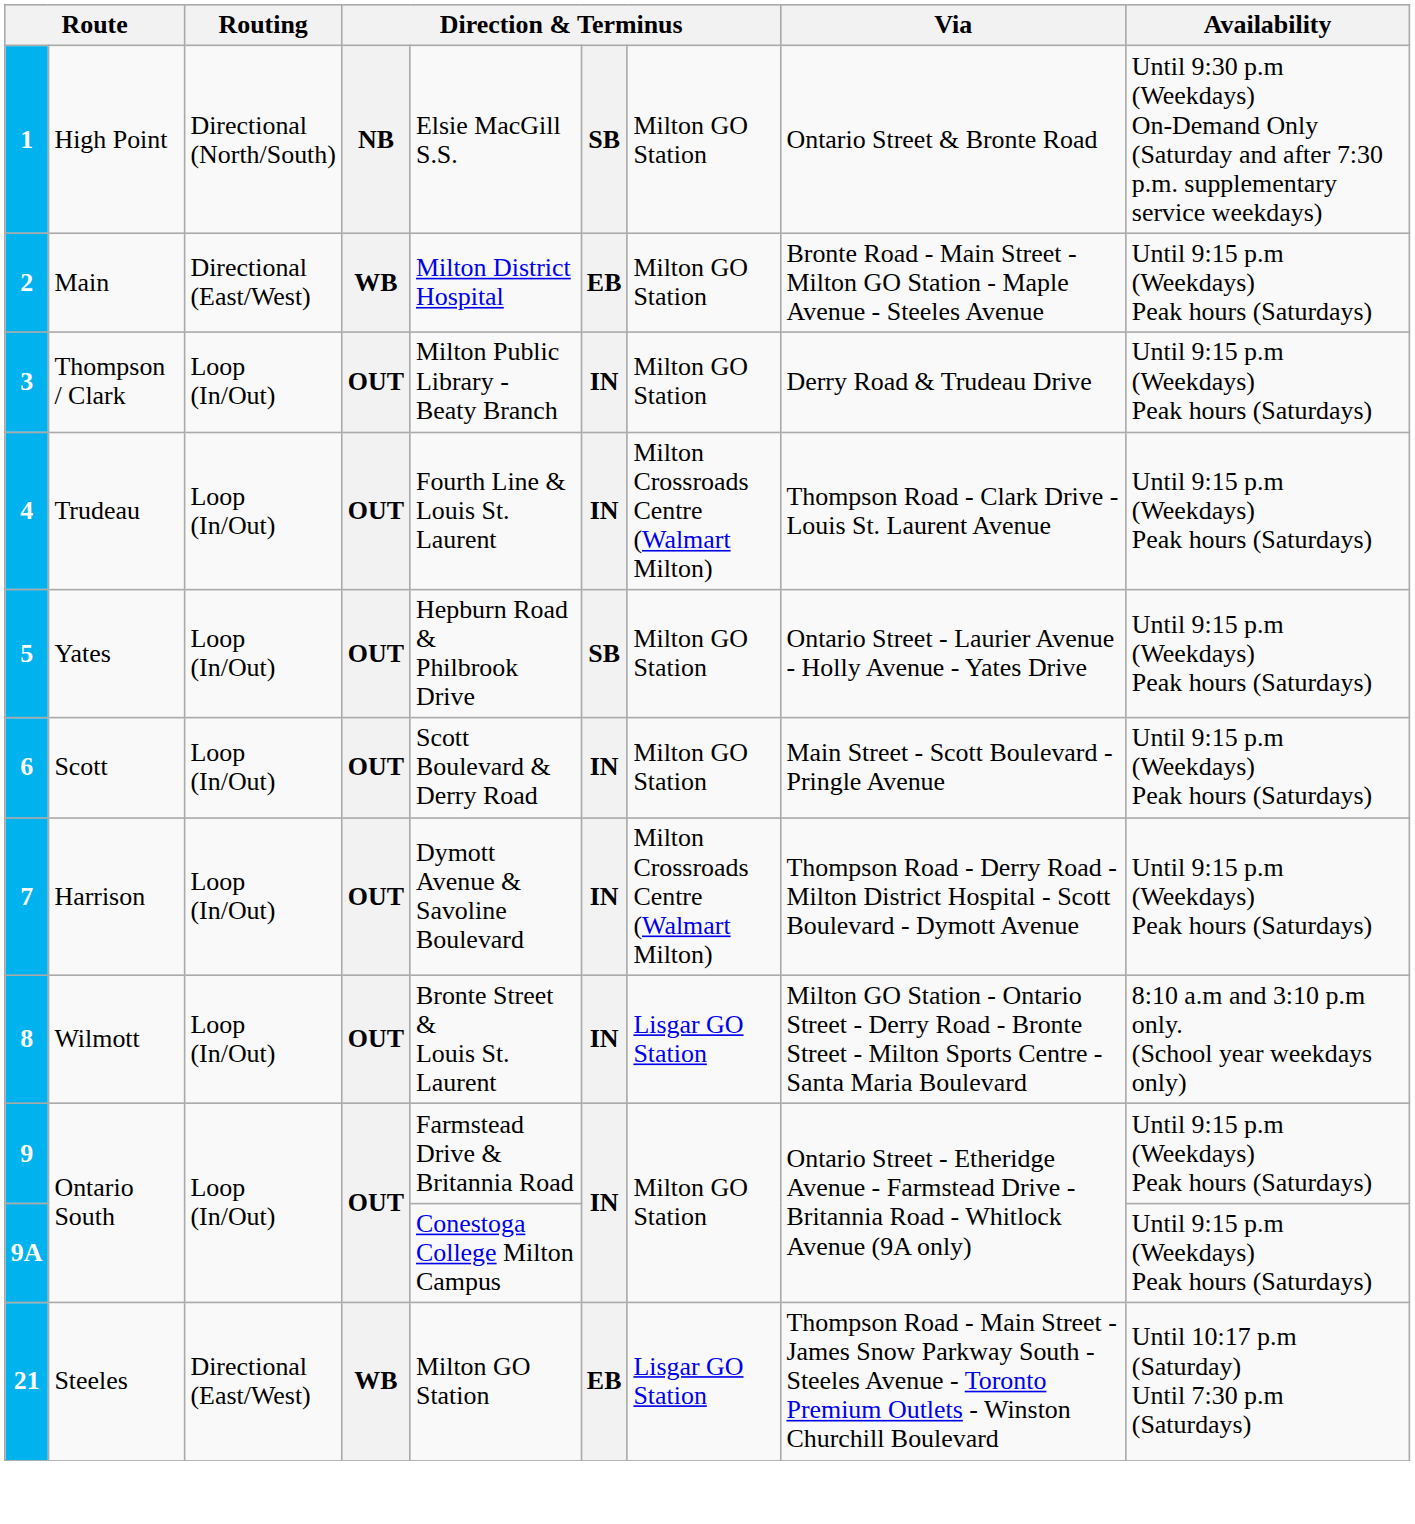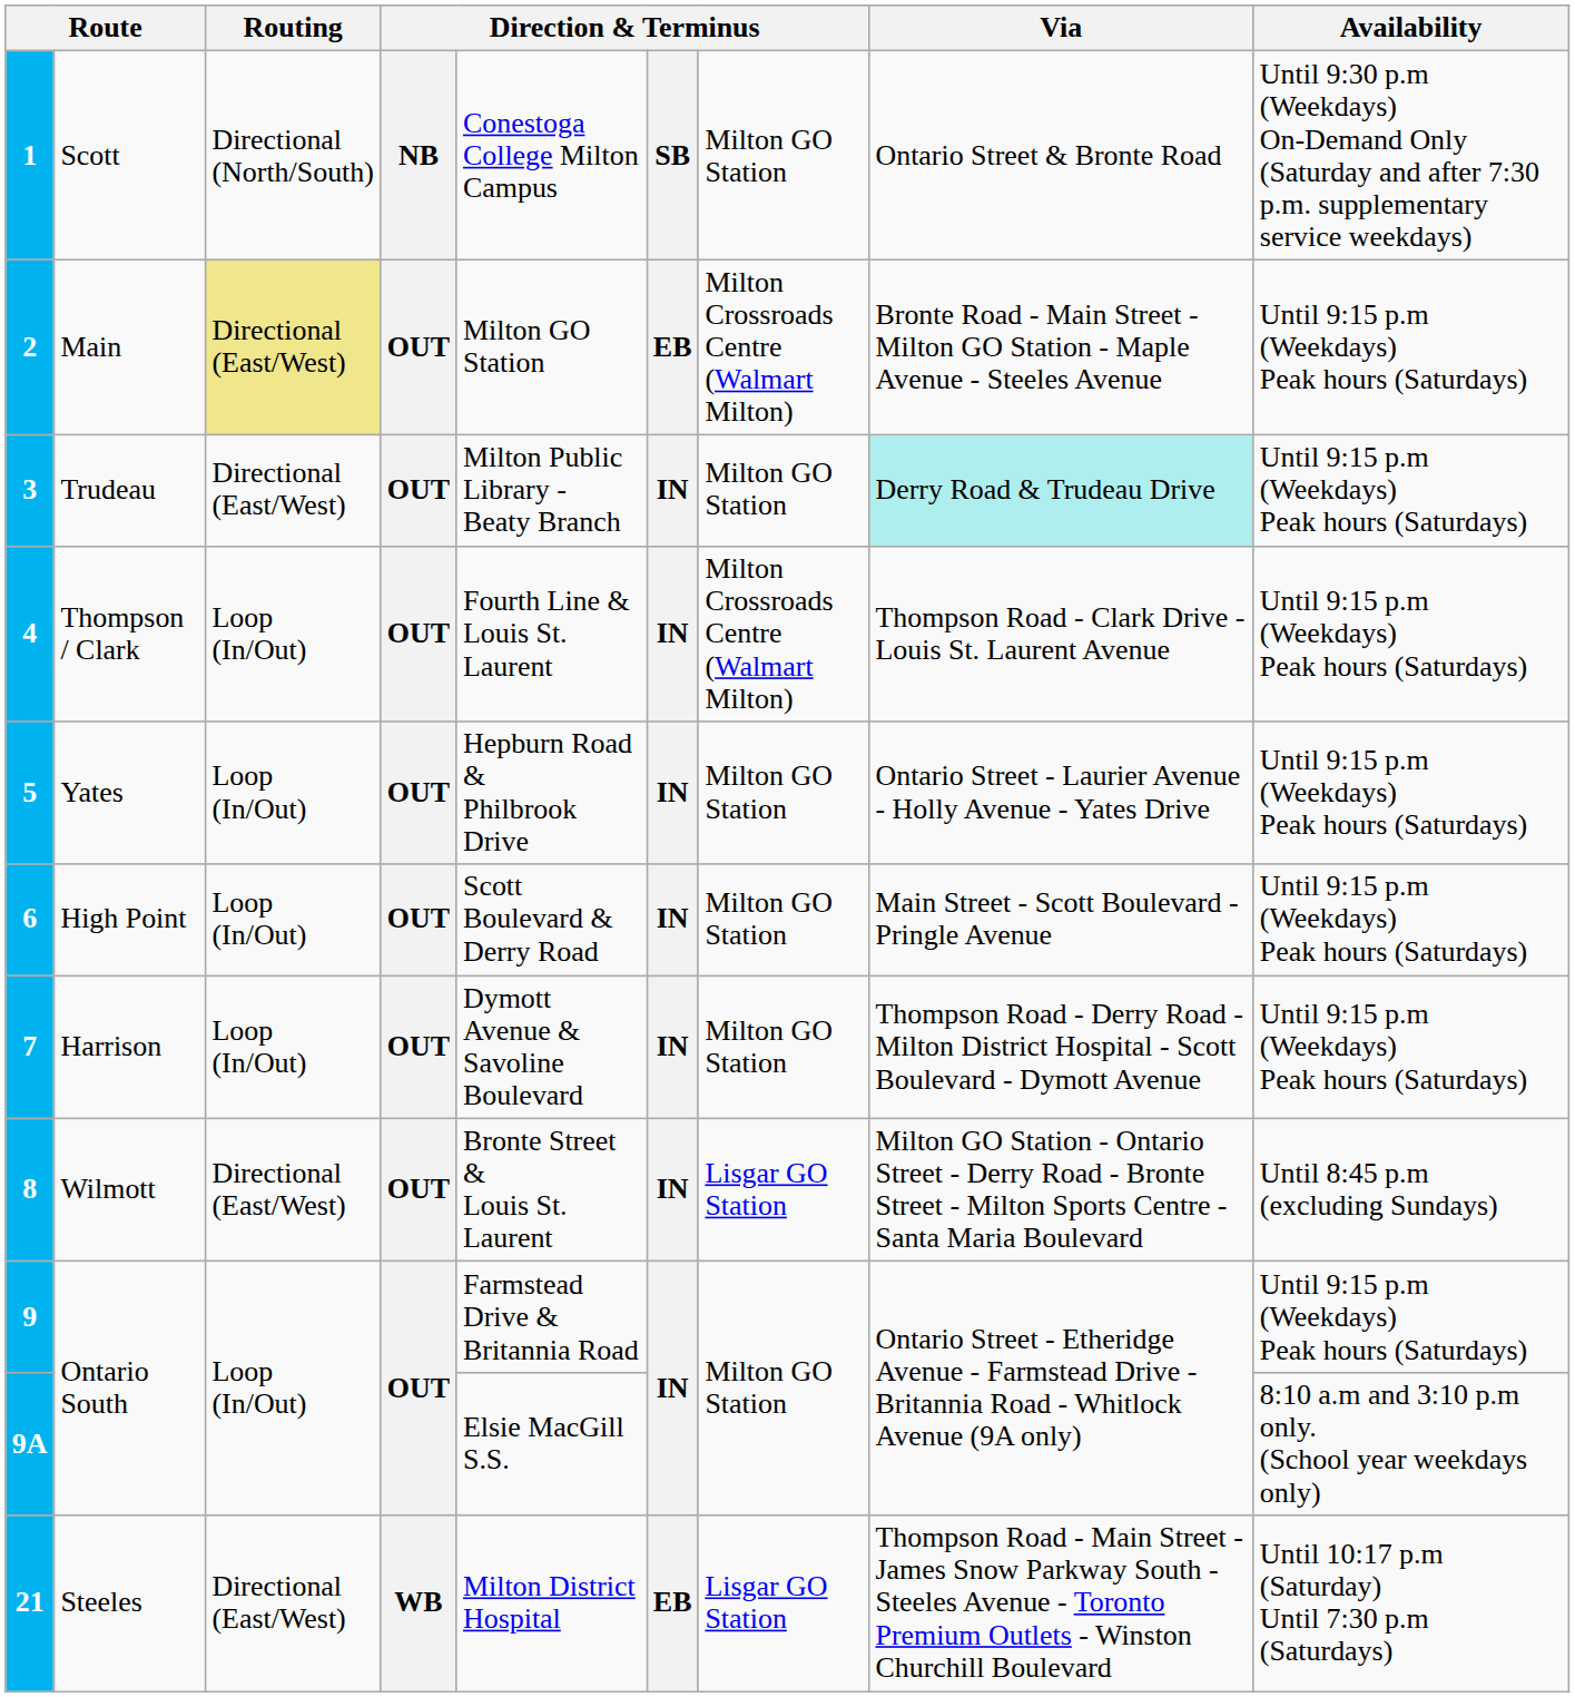 <table class="wikitable">
 <tr>
 <th colspan="2">Route</th>
 <th>Routing</th>
 <th colspan="4">Direction & Terminus</th>
 <th>Via</th>
 <th>Availability</th>
 </tr>
 <tr>
 <th style="background:#00b3ee;color:white" align="center" valign=center>1</th>
-<td>High Point</td>
+<td>Scott</td>
 <td>Directional<br>(North/South)</td>
 <th>NB</th>
-<td>Elsie MacGill S.S.</td>
+<td><a href='#'>Conestoga College</a> Milton Campus</td>
 <th>SB</th>
 <td>Milton GO Station</td>
 <td>Ontario Street & Bronte Road</td>
 <td>Until 9:30 p.m<br>(Weekdays)<br>On-Demand Only (Saturday and after 7:30 p.m. supplementary service weekdays)</td>
 </tr>
 <tr>
 <th style="background:#00b3ee;color:white" align="center" valign=center>2</th>
 <td>Main</td>
-<td>Directional<br>(East/West)</td>
-<th>WB</th>
-<td><a href='#'>Milton District Hospital</a></td>
+<td style="background: khaki;">Directional<br>(East/West)</td>
+<th>OUT</th>
+<td>Milton GO Station</td>
 <th>EB</th>
-<td>Milton GO Station</td>
+<td>Milton Crossroads Centre<br>(<a href='#'>Walmart</a> Milton)</td>
 <td>Bronte Road - Main Street - Milton GO Station - Maple Avenue - Steeles Avenue</td>
 <td>Until 9:15 p.m (Weekdays)<br>Peak hours (Saturdays)</td>
 </tr>
 <tr>
 <th style="background:#00b3ee;color:white" align="center" valign=center>3</th>
-<td>Thompson / Clark</td>
-<td>Loop<br>(In/Out)</td>
+<td>Trudeau</td>
+<td>Directional<br>(East/West)</td>
 <th>OUT</th>
 <td>Milton Public Library - Beaty Branch</td>
 <th>IN</th>
 <td>Milton GO Station</td>
-<td>Derry Road & Trudeau Drive</td>
+<td style="background: paleturquoise;">Derry Road & Trudeau Drive</td>
 <td>Until 9:15 p.m (Weekdays)<br>Peak hours (Saturdays)</td>
 </tr>
 <tr>
 <th style="background:#00b3ee;color:white" align="center" valign=center>4</th>
-<td>Trudeau</td>
+<td>Thompson / Clark</td>
 <td>Loop<br>(In/Out)</td>
 <th>OUT</th>
 <td>Fourth Line &<br>Louis St. Laurent</td>
 <th>IN</th>
 <td>Milton Crossroads Centre<br>(<a href='#'>Walmart</a> Milton)</td>
 <td>Thompson Road - Clark Drive - Louis St. Laurent Avenue</td>
 <td>Until 9:15 p.m (Weekdays)<br>Peak hours (Saturdays)</td>
 </tr>
 <tr>
 <th style="background:#00b3ee;color:white" align="center" valign=center>5</th>
 <td>Yates</td>
 <td>Loop<br>(In/Out)</td>
 <th>OUT</th>
 <td>Hepburn Road &<br>Philbrook Drive</td>
-<th>SB</th>
+<th>IN</th>
 <td>Milton GO Station</td>
 <td>Ontario Street - Laurier Avenue - Holly Avenue - Yates Drive</td>
 <td>Until 9:15 p.m (Weekdays)<br>Peak hours (Saturdays)</td>
 </tr>
 <tr>
 <th style="background:#00b3ee;color:white" align="center" valign=center>6</th>
-<td>Scott</td>
+<td>High Point</td>
 <td>Loop<br>(In/Out)</td>
 <th>OUT</th>
 <td>Scott Boulevard & Derry Road</td>
 <th>IN</th>
 <td>Milton GO Station</td>
 <td>Main Street - Scott Boulevard - Pringle Avenue</td>
 <td>Until 9:15 p.m (Weekdays)<br>Peak hours (Saturdays)</td>
 </tr>
 <tr>
 <th style="background:#00b3ee;color:white" align="center" valign=center>7</th>
 <td>Harrison</td>
 <td>Loop<br>(In/Out)</td>
 <th>OUT</th>
 <td>Dymott Avenue & Savoline Boulevard</td>
 <th>IN</th>
-<td>Milton Crossroads Centre<br>(<a href='#'>Walmart</a> Milton)</td>
+<td>Milton GO Station</td>
 <td>Thompson Road - Derry Road - Milton District Hospital - Scott Boulevard - Dymott Avenue</td>
 <td>Until 9:15 p.m (Weekdays)<br>Peak hours (Saturdays)</td>
 </tr>
 <tr>
 <th style="background:#00b3ee;color:white" align="center" valign=center>8</th>
 <td>Wilmott</td>
-<td>Loop<br>(In/Out)</td>
+<td>Directional<br>(East/West)</td>
 <th>OUT</th>
 <td>Bronte Street &<br>Louis St. Laurent</td>
 <th>IN</th>
 <td><a href='#'>Lisgar GO Station</a></td>
 <td>Milton GO Station - Ontario Street - Derry Road - Bronte Street - Milton Sports Centre - Santa Maria Boulevard</td>
-<td>8:10 a.m and 3:10 p.m only.<br>(School year weekdays only)</td>
+<td>Until 8:45 p.m<br>(excluding Sundays)</td>
 </tr>
 <tr>
 <th style="background:#00b3ee;color:white" align="center" valign=center>9</th>
 <td rowspan="2">Ontario South</td>
 <td rowspan="2">Loop<br>(In/Out)</td>
 <th rowspan="2">OUT</th>
 <td>Farmstead Drive & Britannia Road</td>
 <th rowspan="2">IN</th>
 <td rowspan="2">Milton GO Station</td>
 <td rowspan="2">Ontario Street - Etheridge Avenue - Farmstead Drive - Britannia Road - Whitlock Avenue (9A only)</td>
 <td>Until 9:15 p.m (Weekdays)<br>Peak hours (Saturdays)</td>
 </tr>
 <tr>
 <th style="background:#00b3ee;color:white" align="center" valign=center>9A</th>
-<td><a href='#'>Conestoga College</a> Milton Campus</td>
-<td>Until 9:15 p.m (Weekdays)<br>Peak hours (Saturdays)</td>
+<td>Elsie MacGill S.S.</td>
+<td>8:10 a.m and 3:10 p.m only.<br>(School year weekdays only)</td>
 </tr>
 <tr>
 <th style="background:#00b3ee;color:white" align="center" valign="center">21</th>
 <td>Steeles</td>
 <td>Directional<br>(East/West)</td>
 <th>WB</th>
-<td>Milton GO Station</td>
+<td><a href='#'>Milton District Hospital</a></td>
 <th>EB</th>
 <td><a href='#'>Lisgar GO Station</a></td>
 <td>Thompson Road - Main Street - James Snow Parkway South - Steeles Avenue - <a href='#'>Toronto Premium Outlets</a> - Winston Churchill Boulevard</td>
 <td>Until 10:17 p.m<br>(Saturday)<br>Until 7:30 p.m<br>(Saturdays)</td>
 </tr>
 <tr align="left">
 </tr>
 </table>
